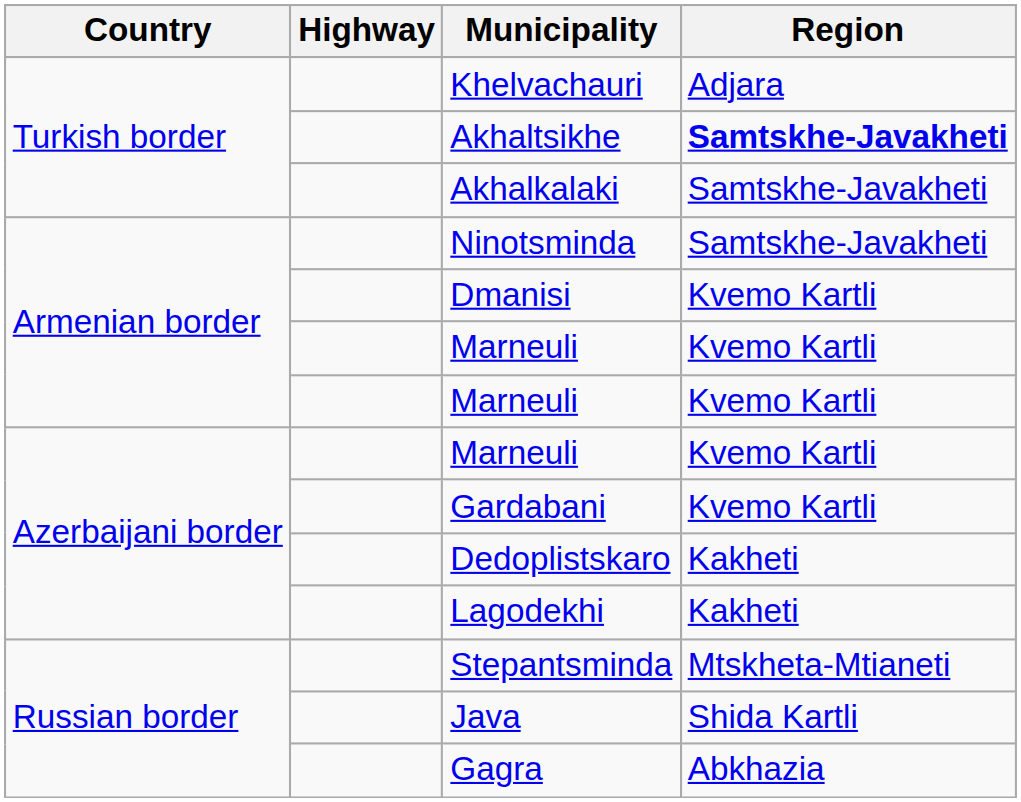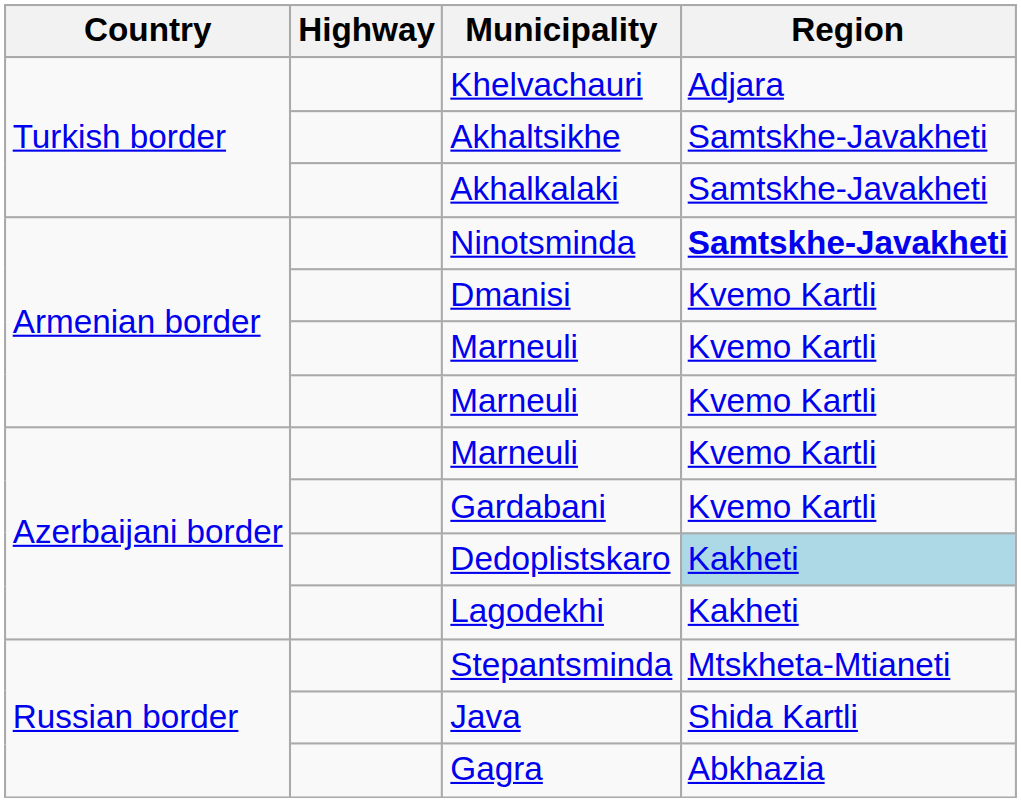 <table class="wikitable">
 <tr>
 <th>Country</th>
 <th>Highway</th>
 <th>Municipality</th>
 <th>Region</th>
 </tr>
 <tr>
 <td rowspan="3"> <a href='#'>Turkish border</a></td>
 <td></td>
 <td><a href='#'>Khelvachauri</a></td>
 <td><a href='#'>Adjara</a></td>
 </tr>
 <tr>
 <td></td>
 <td><a href='#'>Akhaltsikhe</a></td>
-<td><strong><a href='#'>Samtskhe-Javakheti</a></strong></td>
+<td><a href='#'>Samtskhe-Javakheti</a></td>
 </tr>
 <tr>
 <td></td>
 <td><a href='#'>Akhalkalaki</a></td>
 <td><a href='#'>Samtskhe-Javakheti</a></td>
 </tr>
 <tr>
 <td rowspan="4"> <a href='#'>Armenian border</a></td>
 <td></td>
 <td><a href='#'>Ninotsminda</a></td>
-<td><a href='#'>Samtskhe-Javakheti</a></td>
+<td><strong><a href='#'>Samtskhe-Javakheti</a></strong></td>
 </tr>
 <tr>
 <td></td>
 <td><a href='#'>Dmanisi</a></td>
 <td><a href='#'>Kvemo Kartli</a></td>
 </tr>
 <tr>
 <td></td>
 <td><a href='#'>Marneuli</a></td>
 <td><a href='#'>Kvemo Kartli</a></td>
 </tr>
 <tr>
 <td></td>
 <td><a href='#'>Marneuli</a></td>
 <td><a href='#'>Kvemo Kartli</a></td>
 </tr>
 <tr>
 <td rowspan="4"> <a href='#'>Azerbaijani border</a></td>
 <td></td>
 <td><a href='#'>Marneuli</a></td>
 <td><a href='#'>Kvemo Kartli</a></td>
 </tr>
 <tr>
 <td></td>
 <td><a href='#'>Gardabani</a></td>
 <td><a href='#'>Kvemo Kartli</a></td>
 </tr>
 <tr>
 <td></td>
 <td><a href='#'>Dedoplistskaro</a></td>
-<td><a href='#'>Kakheti</a></td>
+<td style="background: lightblue;"><a href='#'>Kakheti</a></td>
 </tr>
 <tr>
 <td></td>
 <td><a href='#'>Lagodekhi</a></td>
 <td><a href='#'>Kakheti</a></td>
 </tr>
 <tr>
 <td rowspan="3"> <a href='#'>Russian border</a></td>
 <td></td>
 <td><a href='#'>Stepantsminda</a></td>
 <td><a href='#'>Mtskheta-Mtianeti</a></td>
 </tr>
 <tr>
 <td></td>
 <td><a href='#'>Java</a></td>
 <td><a href='#'>Shida Kartli</a></td>
 </tr>
 <tr>
 <td></td>
 <td><a href='#'>Gagra</a></td>
 <td><a href='#'>Abkhazia</a></td>
 </tr>
 </table>
